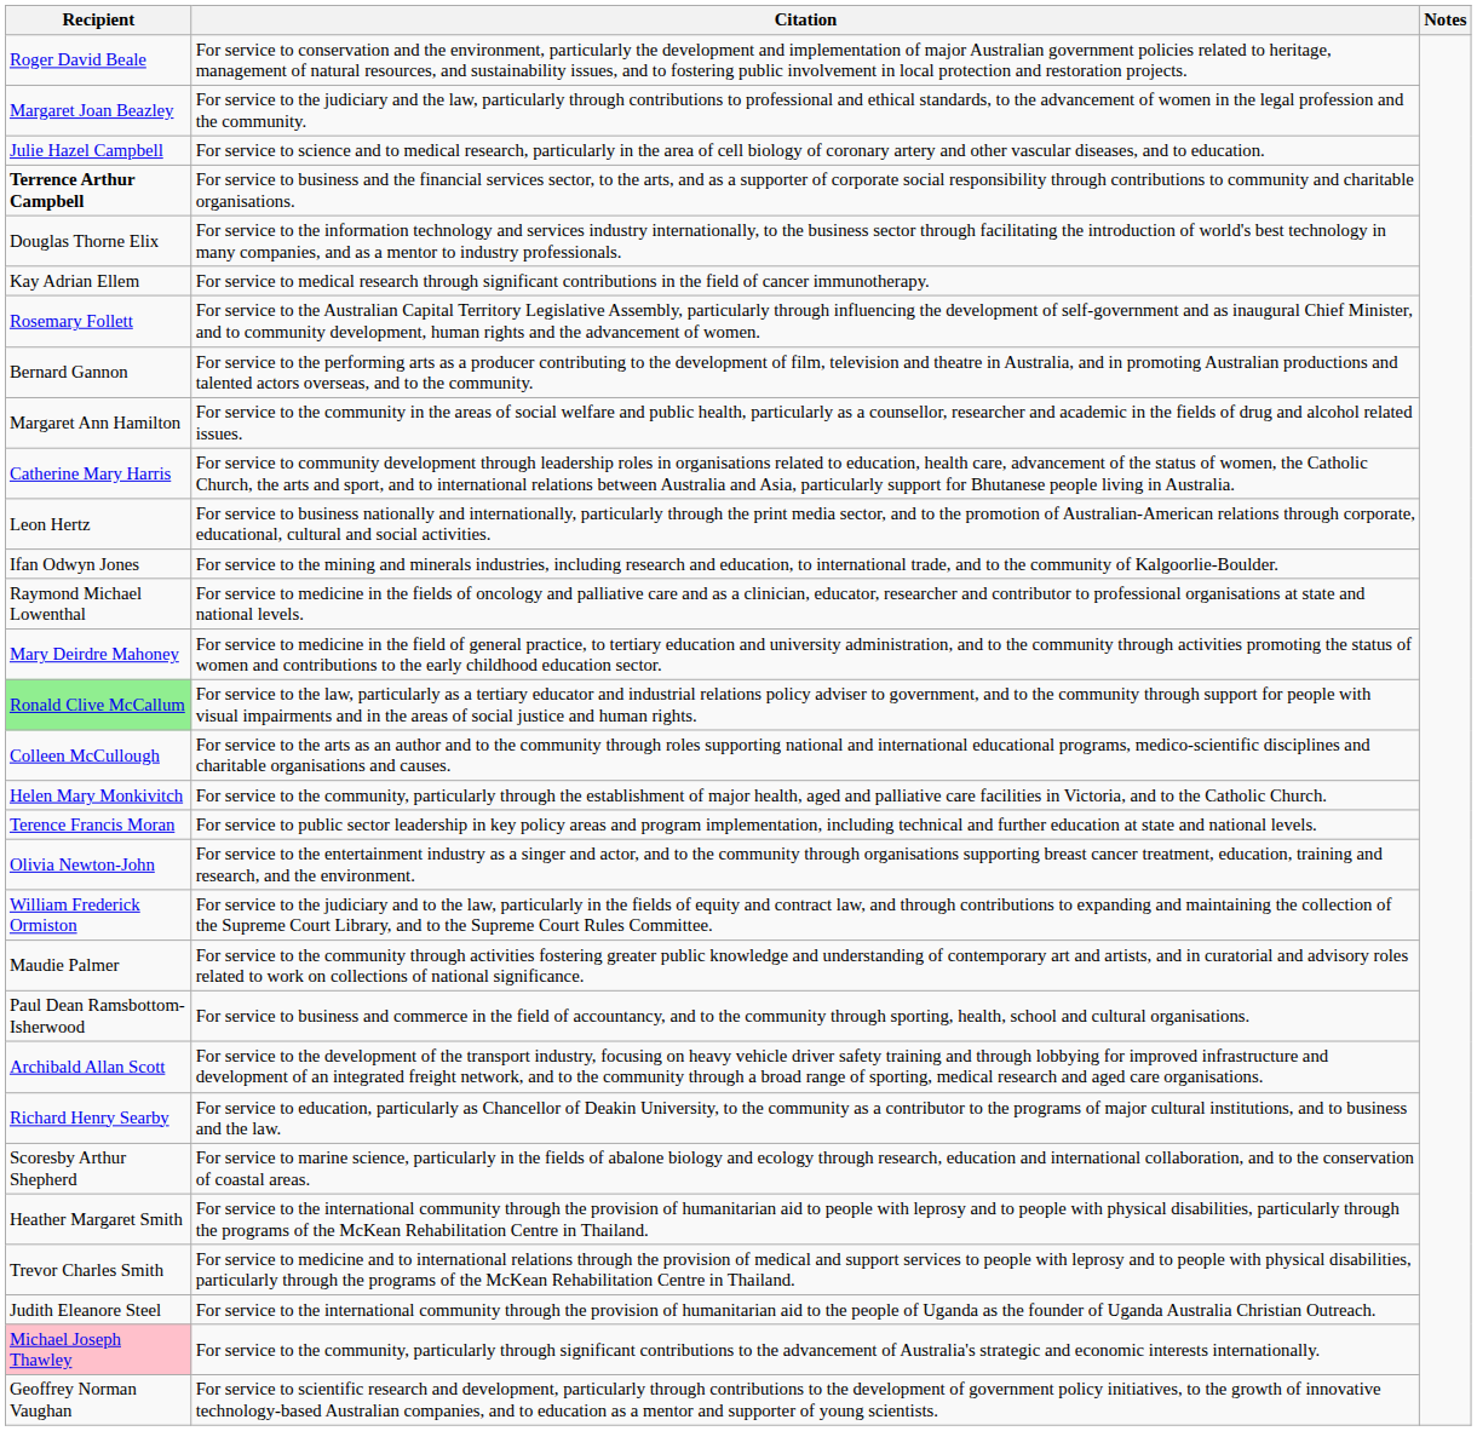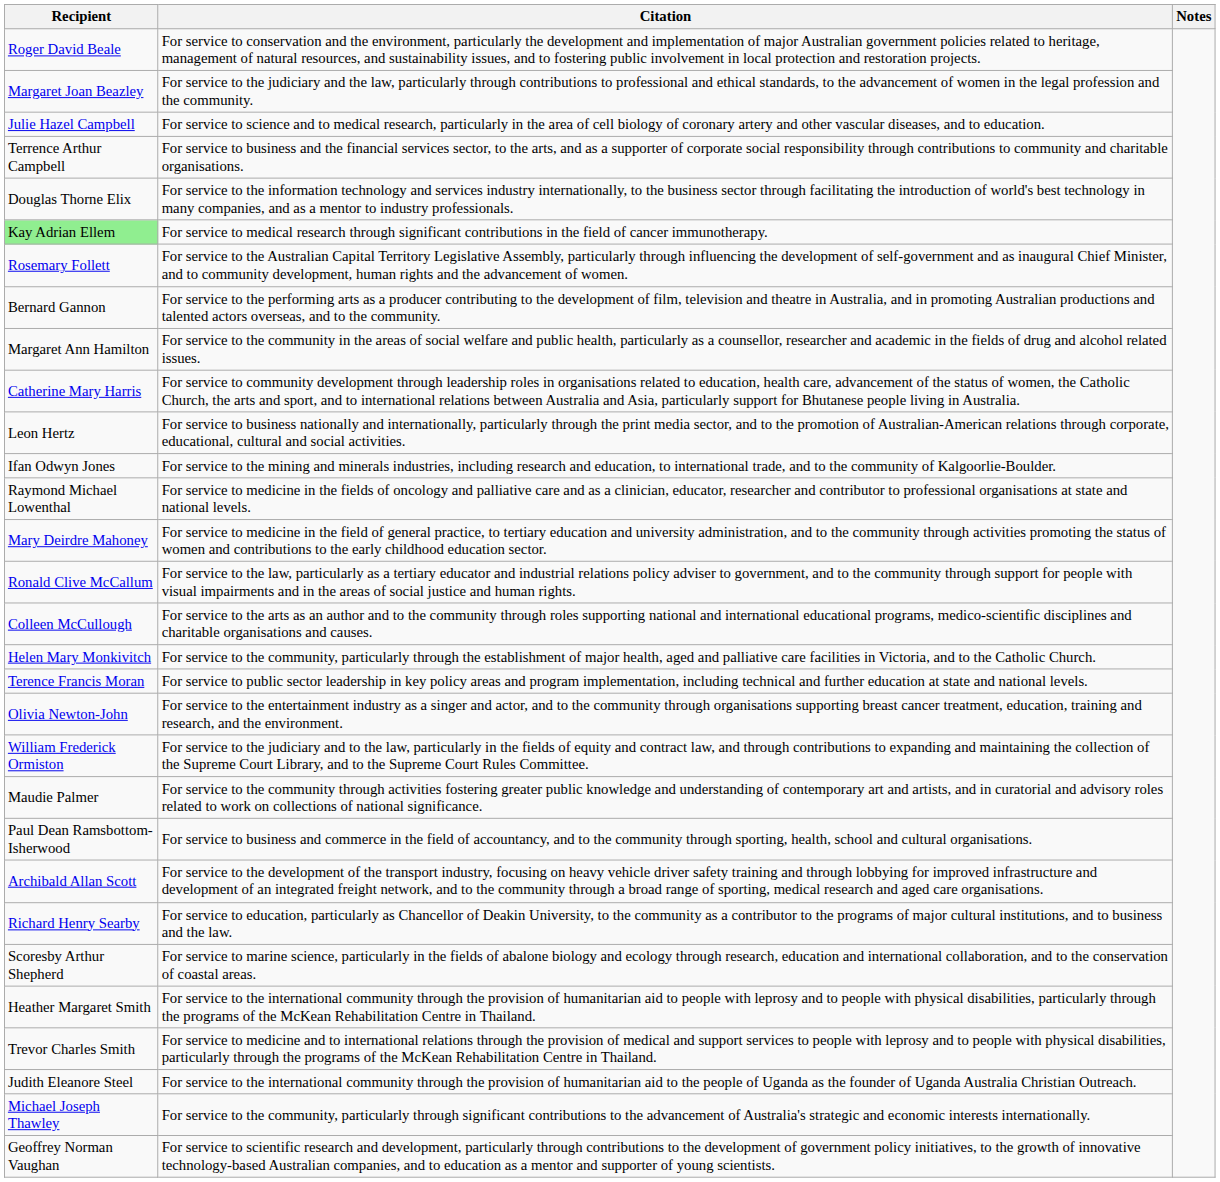 <table class="wikitable" style="font-size:95%;">
 <tr>
 <th>Recipient</th>
 <th>Citation</th>
 <th>Notes</th>
 </tr>
 <tr>
 <td><a href='#'>Roger David Beale</a></td>
 <td>For service to conservation and the environment, particularly the development and implementation of major Australian government policies related to heritage, management of natural resources, and sustainability issues, and to fostering public involvement in local protection and restoration projects.</td>
 <td rowspan=30></td>
 </tr>
 <tr>
 <td> <a href='#'>Margaret Joan Beazley</a></td>
 <td>For service to the judiciary and the law, particularly through contributions to professional and ethical standards, to the advancement of women in the legal profession and the community.</td>
 </tr>
 <tr>
 <td> <a href='#'>Julie Hazel Campbell</a></td>
 <td>For service to science and to medical research, particularly in the area of cell biology of coronary artery and other vascular diseases, and to education.</td>
 </tr>
 <tr>
-<td><strong>Terrence Arthur Campbell</strong></td>
+<td>Terrence Arthur Campbell</td>
 <td>For service to business and the financial services sector, to the arts, and as a supporter of corporate social responsibility through contributions to community and charitable organisations.</td>
 </tr>
 <tr>
 <td>Douglas Thorne Elix</td>
 <td>For service to the information technology and services industry internationally, to the business sector through facilitating the introduction of world's best technology in many companies, and as a mentor to industry professionals.</td>
 </tr>
 <tr>
-<td> Kay Adrian Ellem</td>
+<td style="background: lightgreen;"> Kay Adrian Ellem</td>
 <td>For service to medical research through significant contributions in the field of cancer immunotherapy.</td>
 </tr>
 <tr>
 <td><a href='#'>Rosemary Follett</a></td>
 <td>For service to the Australian Capital Territory Legislative Assembly, particularly through influencing the development of self-government and as inaugural Chief Minister, and to community development, human rights and the advancement of women.</td>
 </tr>
 <tr>
 <td>Bernard Gannon</td>
 <td>For service to the performing arts as a producer contributing to the development of film, television and theatre in Australia, and in promoting Australian productions and talented actors overseas, and to the community.</td>
 </tr>
 <tr>
 <td> Margaret Ann Hamilton</td>
 <td>For service to the community in the areas of social welfare and public health, particularly as a counsellor, researcher and academic in the fields of drug and alcohol related issues.</td>
 </tr>
 <tr>
 <td><a href='#'>Catherine Mary Harris</a></td>
 <td>For service to community development through leadership roles in organisations related to education, health care, advancement of the status of women, the Catholic Church, the arts and sport, and to international relations between Australia and Asia, particularly support for Bhutanese people living in Australia.</td>
 </tr>
 <tr>
 <td>Leon Hertz</td>
 <td>For service to business nationally and internationally, particularly through the print media sector, and to the promotion of Australian-American relations through corporate, educational, cultural and social activities.</td>
 </tr>
 <tr>
 <td> Ifan Odwyn Jones</td>
 <td>For service to the mining and minerals industries, including research and education, to international trade, and to the community of Kalgoorlie-Boulder.</td>
 </tr>
 <tr>
 <td> Raymond Michael Lowenthal</td>
 <td>For service to medicine in the fields of oncology and palliative care and as a clinician, educator, researcher and contributor to professional organisations at state and national levels.</td>
 </tr>
 <tr>
 <td> <a href='#'>Mary Deirdre Mahoney</a></td>
 <td>For service to medicine in the field of general practice, to tertiary education and university administration, and to the community through activities promoting the status of women and contributions to the early childhood education sector.</td>
 </tr>
 <tr>
-<td style="background: lightgreen;"> <a href='#'>Ronald Clive McCallum</a></td>
+<td> <a href='#'>Ronald Clive McCallum</a></td>
 <td>For service to the law, particularly as a tertiary educator and industrial relations policy adviser to government, and to the community through support for people with visual impairments and in the areas of social justice and human rights.</td>
 </tr>
 <tr>
 <td> <a href='#'>Colleen McCullough</a></td>
 <td>For service to the arts as an author and to the community through roles supporting national and international educational programs, medico-scientific disciplines and charitable organisations and causes.</td>
 </tr>
 <tr>
 <td> <a href='#'>Helen Mary Monkivitch</a></td>
 <td>For service to the community, particularly through the establishment of major health, aged and palliative care facilities in Victoria, and to the Catholic Church.</td>
 </tr>
 <tr>
 <td><a href='#'>Terence Francis Moran</a></td>
 <td>For service to public sector leadership in key policy areas and program implementation, including technical and further education at state and national levels.</td>
 </tr>
 <tr>
 <td><a href='#'>Olivia Newton-John</a></td>
 <td>For service to the entertainment industry as a singer and actor, and to the community through organisations supporting breast cancer treatment, education, training and research, and the environment.</td>
 </tr>
 <tr>
 <td> <a href='#'>William Frederick Ormiston</a></td>
 <td>For service to the judiciary and to the law, particularly in the fields of equity and contract law, and through contributions to expanding and maintaining the collection of the Supreme Court Library, and to the Supreme Court Rules Committee.</td>
 </tr>
 <tr>
 <td>Maudie Palmer</td>
 <td>For service to the community through activities fostering greater public knowledge and understanding of contemporary art and artists, and in curatorial and advisory roles related to work on collections of national significance.</td>
 </tr>
 <tr>
 <td>Paul Dean Ramsbottom-Isherwood</td>
 <td>For service to business and commerce in the field of accountancy, and to the community through sporting, health, school and cultural organisations.</td>
 </tr>
 <tr>
 <td><a href='#'>Archibald Allan Scott</a></td>
 <td>For service to the development of the transport industry, focusing on heavy vehicle driver safety training and through lobbying for improved infrastructure and development of an integrated freight network, and to the community through a broad range of sporting, medical research and aged care organisations.</td>
 </tr>
 <tr>
 <td><a href='#'>Richard Henry Searby</a></td>
 <td>For service to education, particularly as Chancellor of Deakin University, to the community as a contributor to the programs of major cultural institutions, and to business and the law.</td>
 </tr>
 <tr>
 <td> Scoresby Arthur Shepherd</td>
 <td>For service to marine science, particularly in the fields of abalone biology and ecology through research, education and international collaboration, and to the conservation of coastal areas.</td>
 </tr>
 <tr>
 <td>Heather Margaret Smith</td>
 <td>For service to the international community through the provision of humanitarian aid to people with leprosy and to people with physical disabilities, particularly through the programs of the McKean Rehabilitation Centre in Thailand.</td>
 </tr>
 <tr>
 <td> Trevor Charles Smith</td>
 <td>For service to medicine and to international relations through the provision of medical and support services to people with leprosy and to people with physical disabilities, particularly through the programs of the McKean Rehabilitation Centre in Thailand.</td>
 </tr>
 <tr>
 <td>Judith Eleanore Steel</td>
 <td>For service to the international community through the provision of humanitarian aid to the people of Uganda as the founder of Uganda Australia Christian Outreach.</td>
 </tr>
 <tr>
-<td style="background: pink;"><a href='#'>Michael Joseph Thawley</a></td>
+<td><a href='#'>Michael Joseph Thawley</a></td>
 <td>For service to the community, particularly through significant contributions to the advancement of Australia's strategic and economic interests internationally.</td>
 </tr>
 <tr>
 <td> Geoffrey Norman Vaughan</td>
 <td>For service to scientific research and development, particularly through contributions to the development of government policy initiatives, to the growth of innovative technology-based Australian companies, and to education as a mentor and supporter of young scientists.</td>
 </tr>
 </table>
